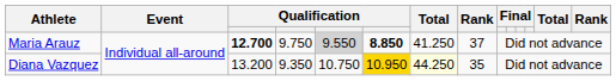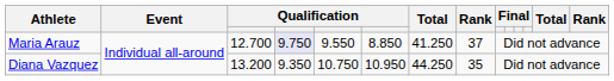 <table class="wikitable" style="font-size:90%">
 <tr>
 <th rowspan=2>Athlete</th>
 <th rowspan=2>Event</th>
 <th colspan=4>Qualification</th>
 <th rowspan=2>Total</th>
 <th rowspan=2>Rank</th>
 <th colspan=4>Final</th>
 <th rowspan=2>Total</th>
 <th rowspan=2>Rank</th>
 </tr>
 <tr style="font-size:95%">
 <th></th>
 <th></th>
 <th></th>
 <th></th>
 <th></th>
 <th></th>
 <th></th>
 <th></th>
 </tr>
 <tr align=center>
 <td align=left><a href='#'>Maria Arauz</a></td>
 <td align=left rowspan=2><a href='#'>Individual all-around</a></td>
-<td><strong>12.700</strong></td>
-<td>9.750</td>
-<td style="background: lightgrey;">9.550</td>
-<td><strong>8.850</strong></td>
+<td>12.700</td>
+<td style="background: lavender;">9.750</td>
+<td>9.550</td>
+<td>8.850</td>
 <td>41.250</td>
 <td>37</td>
 <td colspan=6>Did not advance</td>
 </tr>
 <tr align=center>
 <td align=left><a href='#'>Diana Vazquez</a></td>
 <td>13.200</td>
 <td>9.350</td>
 <td>10.750</td>
-<td style="background: gold;">10.950</td>
-<td style="background: lightyellow;">44.250</td>
+<td>10.950</td>
+<td>44.250</td>
 <td>35</td>
 <td colspan=6>Did not advance</td>
 </tr>
 </table>
